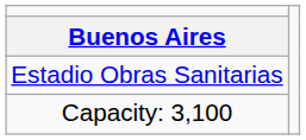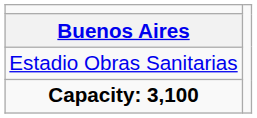 <table class="wikitable" style="margin:1em auto; text-align:center">
 <tr>
 <td></td>
 <td rowspan=4></td>
 </tr>
 <tr>
 <th><a href='#'>Buenos Aires</a></th>
 </tr>
 <tr>
 <td><a href='#'>Estadio Obras Sanitarias</a></td>
 </tr>
 <tr>
-<td>Capacity: 3,100</td>
+<td><strong>Capacity: 3,100</strong></td>
 </tr>
 </table>
